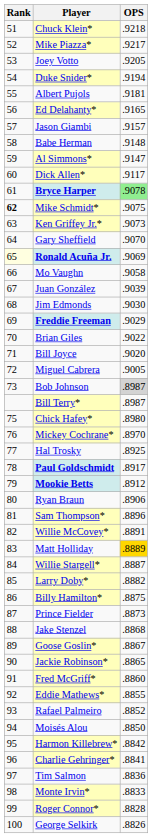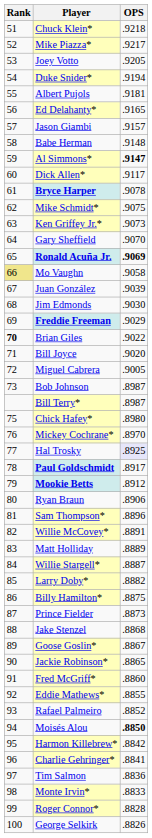 <table class="wikitable" style="float:left;">
 <tr style="white-space:nowrap;">
 <th>Rank</th>
 <th>Player</th>
 <th>OPS</th>
 </tr>
 <tr>
 <td>51</td>
 <td style="background:#ffffbb;"><a href='#'>Chuck Klein</a>*</td>
 <td>.9218</td>
 </tr>
 <tr>
 <td>52</td>
 <td style="background:#ffffbb;"><a href='#'>Mike Piazza</a>*</td>
 <td>.9217</td>
 </tr>
 <tr>
 <td>53</td>
 <td><a href='#'>Joey Votto</a></td>
 <td>.9205</td>
 </tr>
 <tr>
 <td>54</td>
 <td style="background:#ffffbb;"><a href='#'>Duke Snider</a>*</td>
 <td>.9194</td>
 </tr>
 <tr>
 <td>55</td>
 <td><a href='#'>Albert Pujols</a></td>
 <td>.9181</td>
 </tr>
 <tr>
 <td>56</td>
 <td style="background:#ffffbb;"><a href='#'>Ed Delahanty</a>*</td>
 <td>.9165</td>
 </tr>
 <tr>
 <td>57</td>
 <td><a href='#'>Jason Giambi</a></td>
 <td>.9157</td>
 </tr>
 <tr>
 <td>58</td>
 <td><a href='#'>Babe Herman</a></td>
 <td>.9148</td>
 </tr>
 <tr>
 <td>59</td>
 <td style="background:#ffffbb;"><a href='#'>Al Simmons</a>*</td>
-<td>.9147</td>
+<td><strong>.9147</strong></td>
 </tr>
 <tr>
 <td>60</td>
 <td style="background:#ffffbb;"><a href='#'>Dick Allen</a>*</td>
 <td>.9117</td>
 </tr>
 <tr>
 <td>61</td>
 <td style="background:#cfecec;"><strong><a href='#'>Bryce Harper</a></strong></td>
-<td style="background: lightgreen;">.9078</td>
+<td>.9078</td>
 </tr>
 <tr>
-<td><strong>62</strong></td>
+<td>62</td>
 <td style="background:#ffffbb;"><a href='#'>Mike Schmidt</a>*</td>
 <td>.9075</td>
 </tr>
 <tr>
 <td>63</td>
 <td style="background:#ffffbb;"><a href='#'>Ken Griffey Jr.</a>*</td>
 <td>.9073</td>
 </tr>
 <tr>
 <td>64</td>
 <td><a href='#'>Gary Sheffield</a></td>
 <td>.9070</td>
 </tr>
 <tr>
-<td style="background: lightyellow;">65</td>
+<td>65</td>
 <td style="background:#cfecec;"><strong><a href='#'>Ronald Acuña Jr.</a></strong></td>
-<td>.9069</td>
+<td><strong>.9069</strong></td>
 </tr>
 <tr>
-<td>66</td>
+<td style="background: khaki;">66</td>
 <td><a href='#'>Mo Vaughn</a></td>
 <td>.9058</td>
 </tr>
 <tr>
 <td>67</td>
 <td><a href='#'>Juan González</a></td>
 <td>.9039</td>
 </tr>
 <tr>
 <td>68</td>
 <td><a href='#'>Jim Edmonds</a></td>
 <td>.9030</td>
 </tr>
 <tr>
 <td>69</td>
 <td style="background:#cfecec;"><strong><a href='#'>Freddie Freeman</a></strong></td>
 <td>.9029</td>
 </tr>
 <tr>
-<td>70</td>
+<td><strong>70</strong></td>
 <td><a href='#'>Brian Giles</a></td>
 <td>.9022</td>
 </tr>
 <tr>
 <td>71</td>
 <td><a href='#'>Bill Joyce</a></td>
 <td>.9020</td>
 </tr>
 <tr>
 <td>72</td>
 <td><a href='#'>Miguel Cabrera</a></td>
 <td>.9005</td>
 </tr>
 <tr>
 <td>73</td>
 <td><a href='#'>Bob Johnson</a></td>
-<td style="background: lightgrey;">.8987</td>
+<td>.8987</td>
 </tr>
 <tr>
 <td></td>
 <td style="background:#ffffbb;"><a href='#'>Bill Terry</a>*</td>
 <td>.8987</td>
 </tr>
 <tr>
 <td>75</td>
 <td style="background:#ffffbb;"><a href='#'>Chick Hafey</a>*</td>
 <td>.8980</td>
 </tr>
 <tr>
 <td>76</td>
 <td style="background:#ffffbb;"><a href='#'>Mickey Cochrane</a>*</td>
 <td>.8970</td>
 </tr>
 <tr>
 <td>77</td>
 <td><a href='#'>Hal Trosky</a></td>
-<td>.8925</td>
+<td style="background: lavender;">.8925</td>
 </tr>
 <tr>
 <td>78</td>
 <td style="background:#cfecec;"><strong><a href='#'>Paul Goldschmidt</a></strong></td>
 <td>.8917</td>
 </tr>
 <tr>
 <td>79</td>
 <td style="background:#cfecec;"><strong><a href='#'>Mookie Betts</a></strong></td>
 <td>.8912</td>
 </tr>
 <tr>
 <td>80</td>
 <td><a href='#'>Ryan Braun</a></td>
 <td>.8906</td>
 </tr>
 <tr>
 <td>81</td>
 <td style="background:#ffffbb;"><a href='#'>Sam Thompson</a>*</td>
 <td>.8896</td>
 </tr>
 <tr>
 <td>82</td>
 <td style="background:#ffffbb;"><a href='#'>Willie McCovey</a>*</td>
 <td>.8891</td>
 </tr>
 <tr>
 <td>83</td>
 <td><a href='#'>Matt Holliday</a></td>
-<td style="background: gold;">.8889</td>
+<td>.8889</td>
 </tr>
 <tr>
 <td>84</td>
 <td style="background:#ffffbb;"><a href='#'>Willie Stargell</a>*</td>
 <td>.8887</td>
 </tr>
 <tr>
 <td>85</td>
 <td style="background:#ffffbb;"><a href='#'>Larry Doby</a>*</td>
 <td>.8882</td>
 </tr>
 <tr>
 <td>86</td>
 <td style="background:#ffffbb;"><a href='#'>Billy Hamilton</a>*</td>
 <td>.8875</td>
 </tr>
 <tr>
 <td>87</td>
 <td><a href='#'>Prince Fielder</a></td>
 <td>.8873</td>
 </tr>
 <tr>
 <td>88</td>
 <td><a href='#'>Jake Stenzel</a></td>
 <td>.8868</td>
 </tr>
 <tr>
 <td>89</td>
 <td style="background:#ffffbb;"><a href='#'>Goose Goslin</a>*</td>
 <td>.8867</td>
 </tr>
 <tr>
 <td>90</td>
 <td style="background:#ffffbb;"><a href='#'>Jackie Robinson</a>*</td>
 <td>.8865</td>
 </tr>
 <tr>
 <td>91</td>
 <td style="background:#ffffbb;"><a href='#'>Fred McGriff</a>*</td>
 <td>.8860</td>
 </tr>
 <tr>
 <td>92</td>
 <td style="background:#ffffbb;"><a href='#'>Eddie Mathews</a>*</td>
 <td>.8855</td>
 </tr>
 <tr>
 <td>93</td>
 <td><a href='#'>Rafael Palmeiro</a></td>
 <td>.8852</td>
 </tr>
 <tr>
 <td>94</td>
 <td><a href='#'>Moisés Alou</a></td>
-<td>.8850</td>
+<td><strong>.8850</strong></td>
 </tr>
 <tr>
 <td>95</td>
 <td style="background:#ffffbb;"><a href='#'>Harmon Killebrew</a>*</td>
 <td>.8842</td>
 </tr>
 <tr>
 <td>96</td>
 <td style="background:#ffffbb;"><a href='#'>Charlie Gehringer</a>*</td>
 <td>.8841</td>
 </tr>
 <tr>
 <td>97</td>
 <td><a href='#'>Tim Salmon</a></td>
 <td>.8836</td>
 </tr>
 <tr>
 <td>98</td>
 <td style="background:#ffffbb;"><a href='#'>Monte Irvin</a>*</td>
 <td>.8833</td>
 </tr>
 <tr>
 <td>99</td>
 <td style="background:#ffffbb;"><a href='#'>Roger Connor</a>*</td>
 <td>.8828</td>
 </tr>
 <tr>
 <td>100</td>
 <td><a href='#'>George Selkirk</a></td>
 <td>.8826</td>
 </tr>
 </table>
